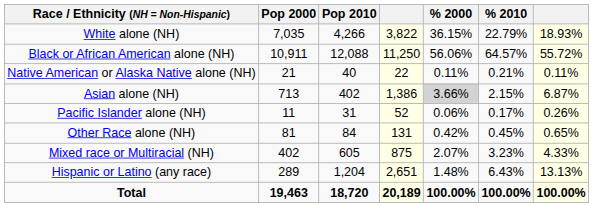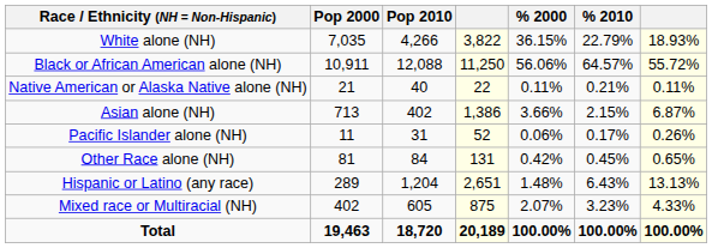 <table class="wikitable" style="text-align:center;">
 <tr>
 <th>Race / Ethnicity <small>(<em>NH = Non-Hispanic</em>)</small></th>
 <th>Pop 2000</th>
 <th>Pop 2010</th>
 <th></th>
 <th>% 2000</th>
 <th>% 2010</th>
 <th></th>
 </tr>
 <tr>
 <td><a href='#'>White</a> alone (NH)</td>
 <td>7,035</td>
 <td>4,266</td>
 <td style='background: #ffffe6;'>3,822</td>
 <td>36.15%</td>
 <td>22.79%</td>
 <td style='background: #ffffe6;'>18.93%</td>
 </tr>
 <tr>
 <td><a href='#'>Black or African American</a> alone (NH)</td>
 <td>10,911</td>
 <td>12,088</td>
 <td style='background: #ffffe6;'>11,250</td>
 <td>56.06%</td>
 <td>64.57%</td>
 <td style='background: #ffffe6;'>55.72%</td>
 </tr>
 <tr>
 <td><a href='#'>Native American</a> or <a href='#'>Alaska Native</a> alone (NH)</td>
 <td>21</td>
 <td>40</td>
 <td style='background: #ffffe6;'>22</td>
 <td>0.11%</td>
 <td>0.21%</td>
 <td style='background: #ffffe6;'>0.11%</td>
 </tr>
 <tr>
 <td><a href='#'>Asian</a> alone (NH)</td>
 <td>713</td>
 <td>402</td>
 <td style='background: #ffffe6;'>1,386</td>
-<td style="background: lightgrey;">3.66%</td>
+<td>3.66%</td>
 <td>2.15%</td>
 <td style='background: #ffffe6;'>6.87%</td>
 </tr>
 <tr>
 <td><a href='#'>Pacific Islander</a> alone (NH)</td>
 <td>11</td>
 <td>31</td>
 <td style='background: #ffffe6;'>52</td>
 <td>0.06%</td>
 <td>0.17%</td>
 <td style='background: #ffffe6;'>0.26%</td>
 </tr>
 <tr>
 <td><a href='#'>Other Race</a> alone (NH)</td>
 <td>81</td>
 <td>84</td>
 <td style='background: #ffffe6;'>131</td>
 <td>0.42%</td>
 <td>0.45%</td>
 <td style='background: #ffffe6;'>0.65%</td>
 </tr>
 <tr>
+<td><a href='#'>Hispanic or Latino</a> (any race)</td>
+<td>289</td>
+<td>1,204</td>
+<td style='background: #ffffe6;'>2,651</td>
+<td>1.48%</td>
+<td>6.43%</td>
+<td style='background: #ffffe6;'>13.13%</td>
+</tr>
+<tr>
 <td><a href='#'>Mixed race or Multiracial</a> (NH)</td>
 <td>402</td>
 <td>605</td>
 <td style='background: #ffffe6;'>875</td>
 <td>2.07%</td>
 <td>3.23%</td>
 <td style='background: #ffffe6;'>4.33%</td>
-</tr>
-<tr>
-<td><a href='#'>Hispanic or Latino</a> (any race)</td>
-<td>289</td>
-<td>1,204</td>
-<td style='background: #ffffe6;'>2,651</td>
-<td>1.48%</td>
-<td>6.43%</td>
-<td style='background: #ffffe6;'>13.13%</td>
 </tr>
 <tr>
 <td><strong>Total</strong></td>
 <td><strong>19,463</strong></td>
 <td><strong>18,720</strong></td>
 <td style='background: #ffffe6;'><strong>20,189</strong></td>
 <td><strong>100.00%</strong></td>
 <td><strong>100.00%</strong></td>
 <td style='background: #ffffe6;'><strong>100.00%</strong></td>
 </tr>
 </table>
